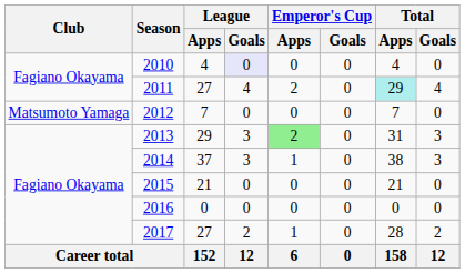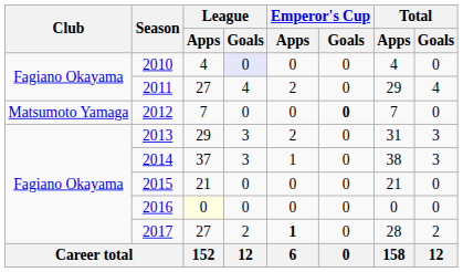 <table class="wikitable" style="text-align:center;">
 <tr>
 <th rowspan="2">Club</th>
 <th rowspan="2">Season</th>
 <th colspan="2">League</th>
 <th colspan="2"><a href='#'>Emperor's Cup</a></th>
 <th colspan="2">Total</th>
 </tr>
 <tr>
 <th>Apps</th>
 <th>Goals</th>
 <th>Apps</th>
 <th>Goals</th>
 <th>Apps</th>
 <th>Goals</th>
 </tr>
 <tr>
 <td rowspan="2"><a href='#'>Fagiano Okayama</a></td>
 <td><a href='#'>2010</a></td>
 <td>4</td>
 <td style="background: lavender;">0</td>
 <td>0</td>
 <td>0</td>
 <td>4</td>
 <td>0</td>
 </tr>
 <tr>
 <td><a href='#'>2011</a></td>
 <td>27</td>
 <td>4</td>
 <td>2</td>
 <td>0</td>
-<td style="background: paleturquoise;">29</td>
+<td>29</td>
 <td>4</td>
 </tr>
 <tr>
 <td><a href='#'>Matsumoto Yamaga</a></td>
 <td><a href='#'>2012</a></td>
 <td>7</td>
 <td>0</td>
 <td>0</td>
-<td>0</td>
+<td><strong>0</strong></td>
 <td>7</td>
 <td>0</td>
 </tr>
 <tr>
 <td rowspan="5"><a href='#'>Fagiano Okayama</a></td>
 <td><a href='#'>2013</a></td>
 <td>29</td>
 <td>3</td>
-<td style="background: lightgreen;">2</td>
+<td>2</td>
 <td>0</td>
 <td>31</td>
 <td>3</td>
 </tr>
 <tr>
 <td><a href='#'>2014</a></td>
 <td>37</td>
 <td>3</td>
 <td>1</td>
 <td>0</td>
 <td>38</td>
 <td>3</td>
 </tr>
 <tr>
 <td><a href='#'>2015</a></td>
 <td>21</td>
 <td>0</td>
 <td>0</td>
 <td>0</td>
 <td>21</td>
 <td>0</td>
 </tr>
 <tr>
 <td><a href='#'>2016</a></td>
-<td>0</td>
+<td style="background: lightyellow;">0</td>
 <td>0</td>
 <td>0</td>
 <td>0</td>
 <td>0</td>
 <td>0</td>
 </tr>
 <tr>
 <td><a href='#'>2017</a></td>
 <td>27</td>
 <td>2</td>
-<td>1</td>
+<td><strong>1</strong></td>
 <td>0</td>
 <td>28</td>
 <td>2</td>
 </tr>
 <tr>
 <th colspan="2">Career total</th>
 <th>152</th>
 <th>12</th>
 <th>6</th>
 <th>0</th>
 <th>158</th>
 <th>12</th>
 </tr>
 </table>
